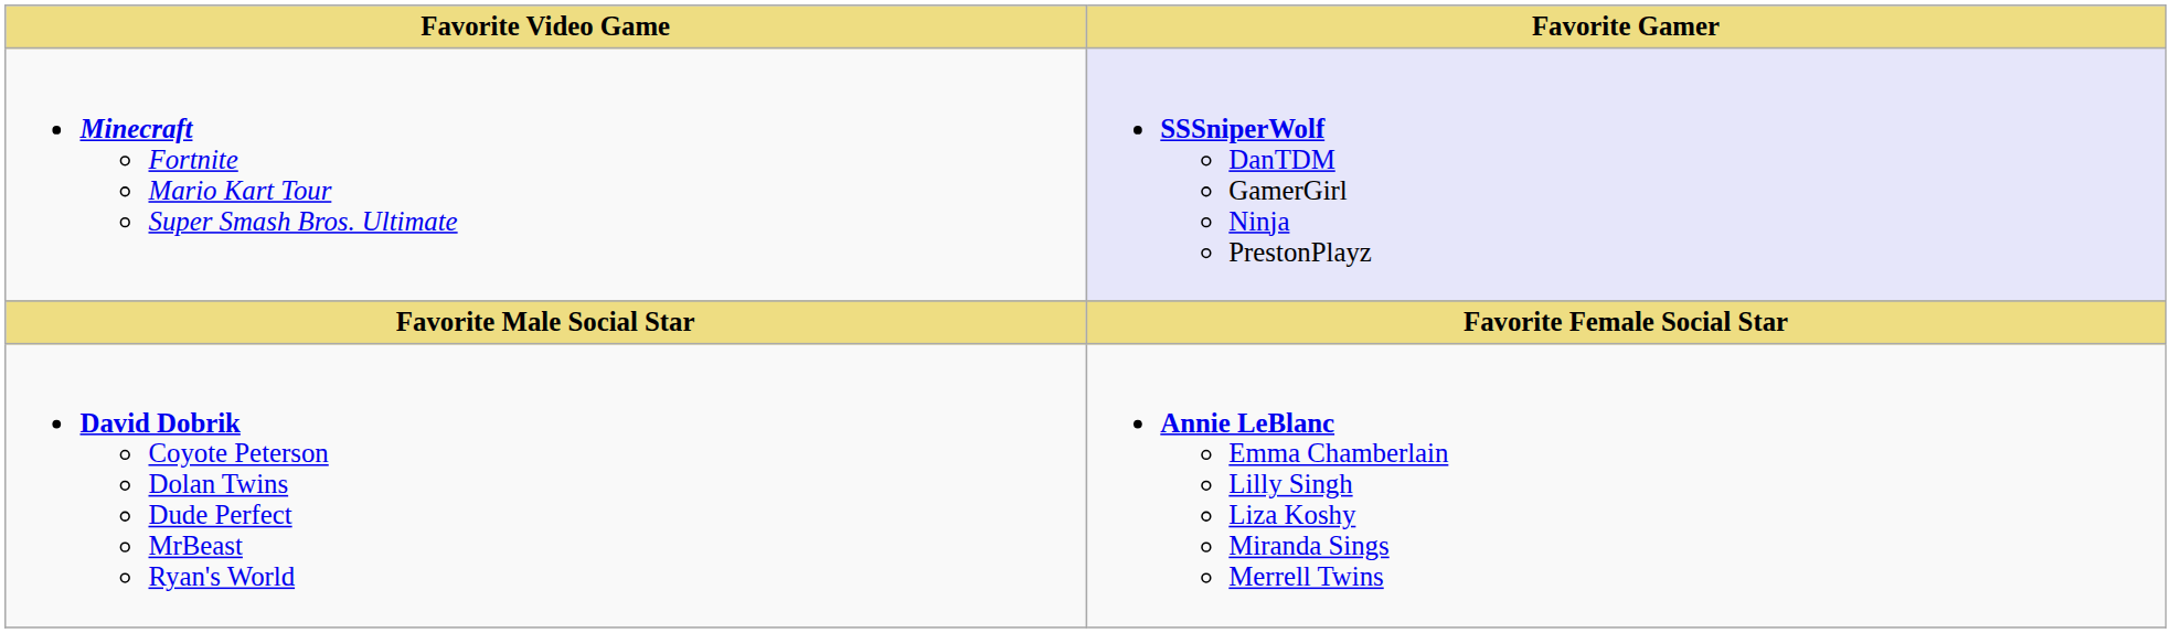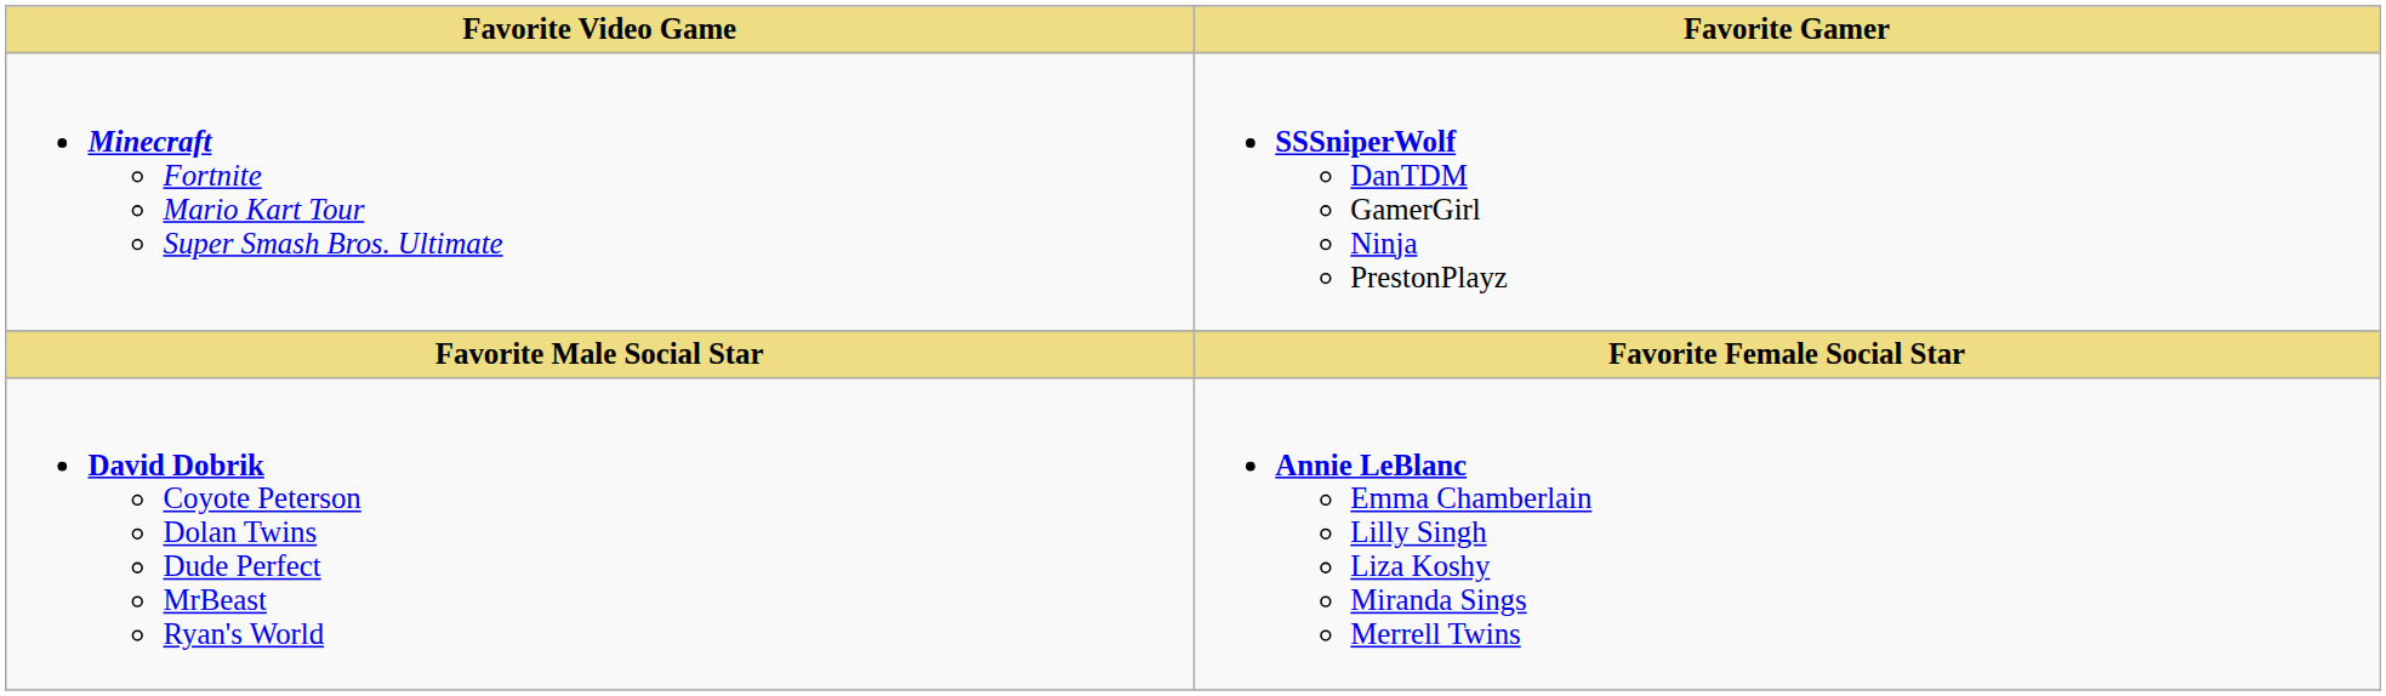 <table class="wikitable" style="width:100%;">
 <tr>
 <th style="background:#EEDD82; width:50%">Favorite Video Game</th>
 <th style="background:#EEDD82; width:50%">Favorite Gamer</th>
 </tr>
 <tr>
 <td valign="top"><br><ul><li><strong><em><a href='#'>Minecraft</a></em></strong><ul><li><em><a href='#'>Fortnite</a></em></li><li><em><a href='#'>Mario Kart Tour</a></em></li><li><em><a href='#'>Super Smash Bros. Ultimate</a></em></li></ul></li></ul></td>
-<td valign="top" style="background: lavender;"><br><ul><li><strong><a href='#'>SSSniperWolf</a></strong><ul><li><a href='#'>DanTDM</a></li><li>GamerGirl</li><li><a href='#'>Ninja</a></li><li>PrestonPlayz</li></ul></li></ul></td>
+<td valign="top"><br><ul><li><strong><a href='#'>SSSniperWolf</a></strong><ul><li><a href='#'>DanTDM</a></li><li>GamerGirl</li><li><a href='#'>Ninja</a></li><li>PrestonPlayz</li></ul></li></ul></td>
 </tr>
 <tr>
 <th style="background:#EEDD82; width:50%">Favorite Male Social Star</th>
 <th style="background:#EEDD82; width:50%">Favorite Female Social Star</th>
 </tr>
 <tr>
 <td valign="top"><br><ul><li><strong><a href='#'>David Dobrik</a></strong><ul><li><a href='#'>Coyote Peterson</a></li><li><a href='#'>Dolan Twins</a></li><li><a href='#'>Dude Perfect</a></li><li><a href='#'>MrBeast</a></li><li><a href='#'>Ryan's World</a></li></ul></li></ul></td>
 <td valign="top"><br><ul><li><strong><a href='#'>Annie LeBlanc</a></strong><ul><li><a href='#'>Emma Chamberlain</a></li><li><a href='#'>Lilly Singh</a></li><li><a href='#'>Liza Koshy</a></li><li><a href='#'>Miranda Sings</a></li><li><a href='#'>Merrell Twins</a></li></ul></li></ul></td>
 </tr>
 </table>
